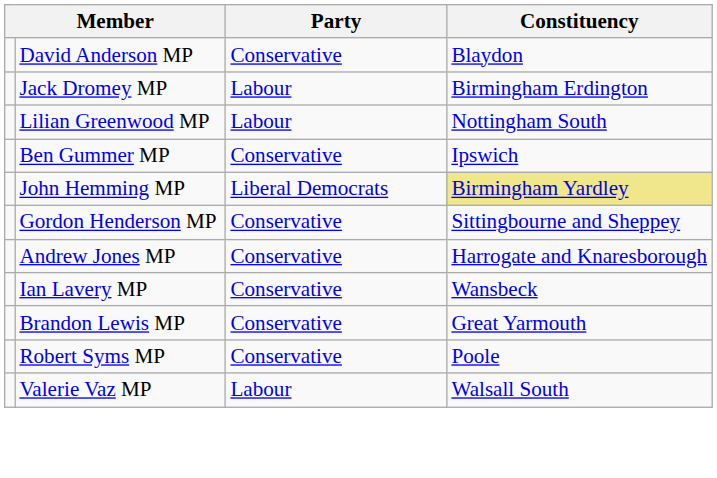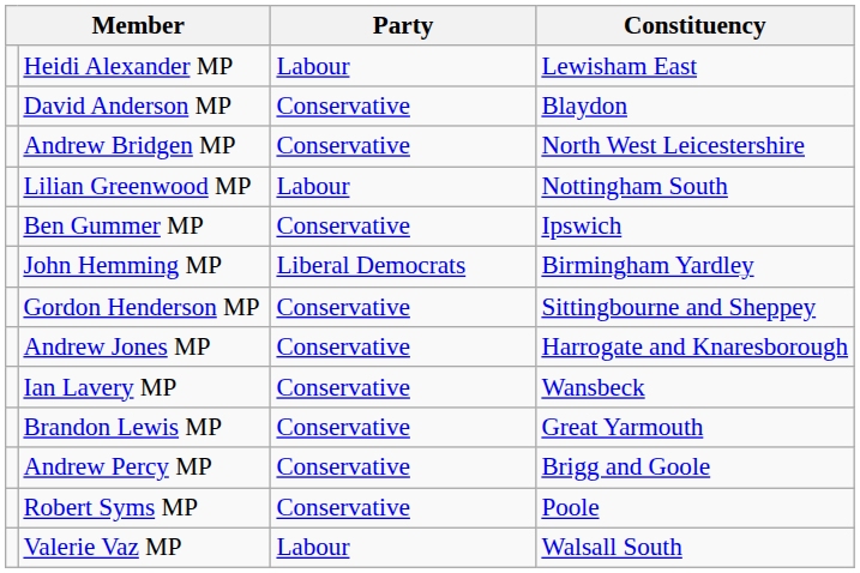 <table class="wikitable">
 <tr>
 <th width="160px" colspan="2" valign="top">Member</th>
 <th width="160px" valign="top">Party</th>
 <th valign="top">Constituency</th>
+</tr>
+<tr>
+<td style="color:inherit;background:"></td>
+<td><a href='#'>Heidi Alexander</a> MP</td>
+<td><a href='#'>Labour</a></td>
+<td><a href='#'>Lewisham East</a></td>
 </tr>
 <tr>
 <td style="color:inherit;background:"></td>
 <td><a href='#'>David Anderson</a> MP</td>
 <td><a href='#'>Conservative</a></td>
 <td><a href='#'>Blaydon</a></td>
 </tr>
 <tr>
 <td style="color:inherit;background:"></td>
-<td><a href='#'>Jack Dromey</a> MP</td>
-<td><a href='#'>Labour</a></td>
-<td><a href='#'>Birmingham Erdington</a></td>
+<td><a href='#'>Andrew Bridgen</a> MP</td>
+<td><a href='#'>Conservative</a></td>
+<td><a href='#'>North West Leicestershire</a></td>
 </tr>
 <tr>
 <td style="color:inherit;background:"></td>
 <td><a href='#'>Lilian Greenwood</a> MP</td>
 <td><a href='#'>Labour</a></td>
 <td><a href='#'>Nottingham South</a></td>
 </tr>
 <tr>
 <td style="color:inherit;background:"></td>
 <td><a href='#'>Ben Gummer</a> MP</td>
 <td><a href='#'>Conservative</a></td>
 <td><a href='#'>Ipswich</a></td>
 </tr>
 <tr>
 <td style="color:inherit;background:"></td>
 <td><a href='#'>John Hemming</a> MP</td>
 <td><a href='#'>Liberal Democrats</a></td>
-<td style="background: khaki;"><a href='#'>Birmingham Yardley</a></td>
+<td><a href='#'>Birmingham Yardley</a></td>
 </tr>
 <tr>
 <td style="color:inherit;background:"></td>
 <td><a href='#'>Gordon Henderson</a> MP</td>
 <td><a href='#'>Conservative</a></td>
 <td><a href='#'>Sittingbourne and Sheppey</a></td>
 </tr>
 <tr>
 <td style="color:inherit;background:"></td>
 <td><a href='#'>Andrew Jones</a> MP</td>
 <td><a href='#'>Conservative</a></td>
 <td><a href='#'>Harrogate and Knaresborough</a></td>
 </tr>
 <tr>
 <td style="color:inherit;background:"></td>
 <td><a href='#'>Ian Lavery</a> MP</td>
 <td><a href='#'>Conservative</a></td>
 <td><a href='#'>Wansbeck</a></td>
 </tr>
 <tr>
 <td style="color:inherit;background:"></td>
 <td><a href='#'>Brandon Lewis</a> MP</td>
 <td><a href='#'>Conservative</a></td>
 <td><a href='#'>Great Yarmouth</a></td>
 </tr>
 <tr>
 <td style="color:inherit;background:"></td>
+<td><a href='#'>Andrew Percy</a> MP</td>
+<td><a href='#'>Conservative</a></td>
+<td><a href='#'>Brigg and Goole</a></td>
+</tr>
+<tr>
+<td style="color:inherit;background:"></td>
 <td><a href='#'>Robert Syms</a> MP</td>
 <td><a href='#'>Conservative</a></td>
 <td><a href='#'>Poole</a></td>
 </tr>
 <tr>
 <td style="color:inherit;background:"></td>
 <td><a href='#'>Valerie Vaz</a> MP</td>
 <td><a href='#'>Labour</a></td>
 <td><a href='#'>Walsall South</a></td>
 </tr>
 </table>
